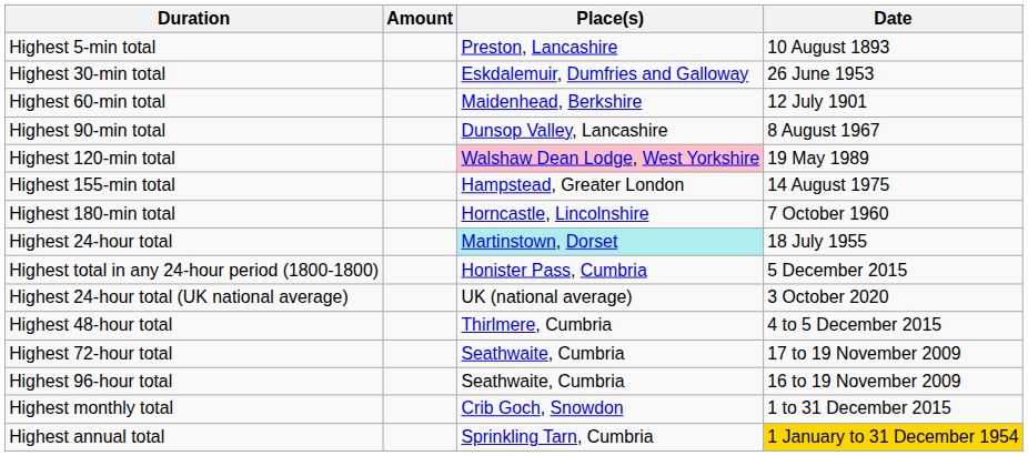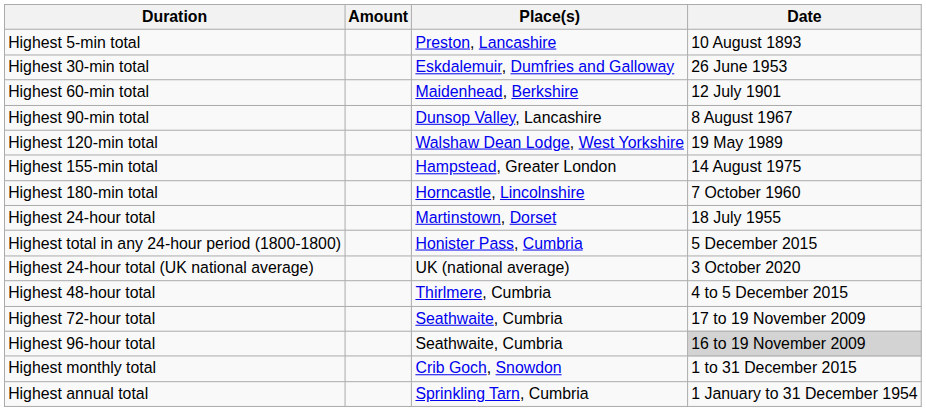 <table class="wikitable sortable">
 <tr>
 <th>Duration</th>
 <th>Amount</th>
 <th>Place(s)</th>
 <th>Date</th>
 </tr>
 <tr>
 <td>Highest 5-min total</td>
 <td></td>
 <td><a href='#'>Preston</a>, <a href='#'>Lancashire</a></td>
 <td>10 August 1893</td>
 </tr>
 <tr>
 <td>Highest 30-min total</td>
 <td></td>
 <td><a href='#'>Eskdalemuir</a>, <a href='#'>Dumfries and Galloway</a></td>
 <td>26 June 1953</td>
 </tr>
 <tr>
 <td>Highest 60-min total</td>
 <td></td>
 <td><a href='#'>Maidenhead</a>, <a href='#'>Berkshire</a></td>
 <td>12 July 1901</td>
 </tr>
 <tr>
 <td>Highest 90-min total</td>
 <td></td>
 <td><a href='#'>Dunsop Valley</a>, Lancashire</td>
 <td>8 August 1967</td>
 </tr>
 <tr>
 <td>Highest 120-min total</td>
 <td></td>
-<td style="background: pink;"><a href='#'>Walshaw Dean Lodge</a>, <a href='#'>West Yorkshire</a></td>
+<td><a href='#'>Walshaw Dean Lodge</a>, <a href='#'>West Yorkshire</a></td>
 <td>19 May 1989</td>
 </tr>
 <tr>
 <td>Highest 155-min total</td>
 <td></td>
 <td><a href='#'>Hampstead</a>, Greater London</td>
 <td>14 August 1975</td>
 </tr>
 <tr>
 <td>Highest 180-min total</td>
 <td></td>
 <td><a href='#'>Horncastle</a>, <a href='#'>Lincolnshire</a></td>
 <td>7 October 1960</td>
 </tr>
 <tr>
 <td>Highest 24-hour total</td>
 <td></td>
-<td style="background: paleturquoise;"><a href='#'>Martinstown</a>, <a href='#'>Dorset</a></td>
+<td><a href='#'>Martinstown</a>, <a href='#'>Dorset</a></td>
 <td>18 July 1955</td>
 </tr>
 <tr>
 <td>Highest total in any 24-hour period (1800-1800)</td>
 <td></td>
 <td><a href='#'>Honister Pass</a>, <a href='#'>Cumbria</a></td>
 <td>5 December 2015</td>
 </tr>
 <tr>
 <td>Highest 24-hour total (UK national average)</td>
 <td></td>
 <td>UK (national average)</td>
 <td>3 October 2020</td>
 </tr>
 <tr>
 <td>Highest 48-hour total</td>
 <td></td>
 <td><a href='#'>Thirlmere</a>, Cumbria</td>
 <td>4 to 5 December 2015</td>
 </tr>
 <tr>
 <td>Highest 72-hour total</td>
 <td></td>
 <td><a href='#'>Seathwaite</a>, Cumbria</td>
 <td>17 to 19 November 2009</td>
 </tr>
 <tr>
 <td>Highest 96-hour total</td>
 <td></td>
 <td>Seathwaite, Cumbria</td>
-<td>16 to 19 November 2009</td>
+<td style="background: lightgrey;">16 to 19 November 2009</td>
 </tr>
 <tr>
 <td>Highest monthly total</td>
 <td></td>
 <td><a href='#'>Crib Goch</a>, <a href='#'>Snowdon</a></td>
 <td>1 to 31 December 2015</td>
 </tr>
 <tr>
 <td>Highest annual total</td>
 <td></td>
 <td><a href='#'>Sprinkling Tarn</a>, Cumbria</td>
-<td style="background: gold;">1 January to 31 December 1954</td>
+<td>1 January to 31 December 1954</td>
 </tr>
 </table>
